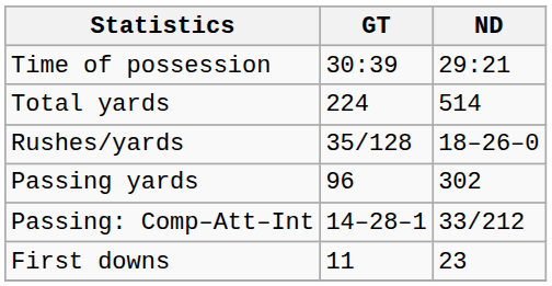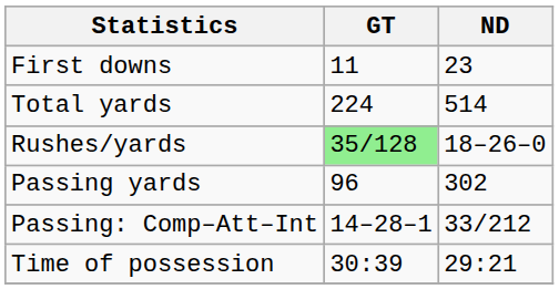 <table class="wikitable" style="float: left;">
 <tr>
 <th>Statistics</th>
 <th>GT</th>
 <th>ND</th>
 </tr>
 <tr>
-<td>Time of possession</td>
-<td>30:39</td>
-<td>29:21</td>
+<td>First downs</td>
+<td>11</td>
+<td>23</td>
 </tr>
 <tr>
 <td>Total yards</td>
 <td>224</td>
 <td>514</td>
 </tr>
 <tr>
 <td>Rushes/yards</td>
-<td>35/128</td>
+<td style="background: lightgreen;">35/128</td>
 <td>18–26–0</td>
 </tr>
 <tr>
 <td>Passing yards</td>
 <td>96</td>
 <td>302</td>
 </tr>
 <tr>
 <td>Passing: Comp–Att–Int</td>
 <td>14–28–1</td>
 <td>33/212</td>
 </tr>
 <tr>
-<td>First downs</td>
-<td>11</td>
-<td>23</td>
+<td>Time of possession</td>
+<td>30:39</td>
+<td>29:21</td>
 </tr>
 <tr>
 </tr>
 </table>
